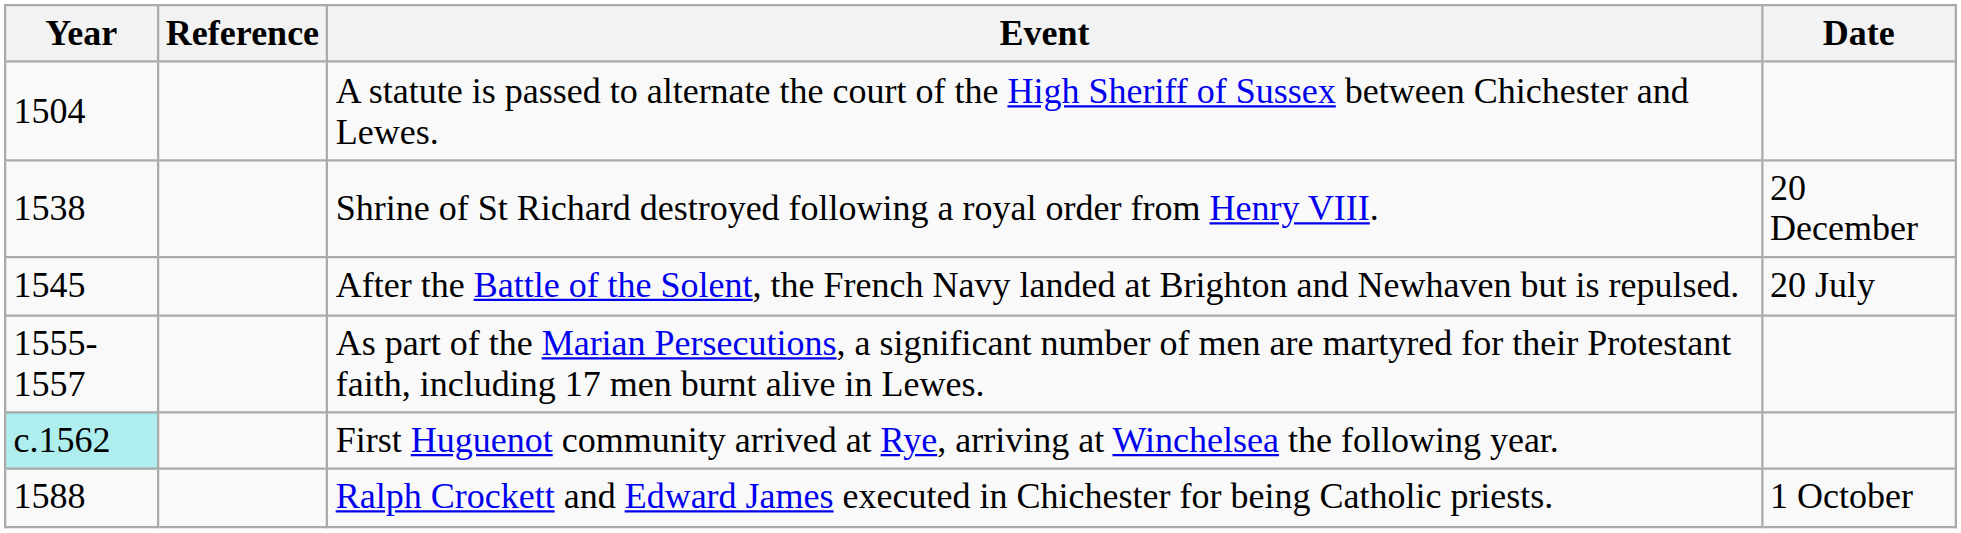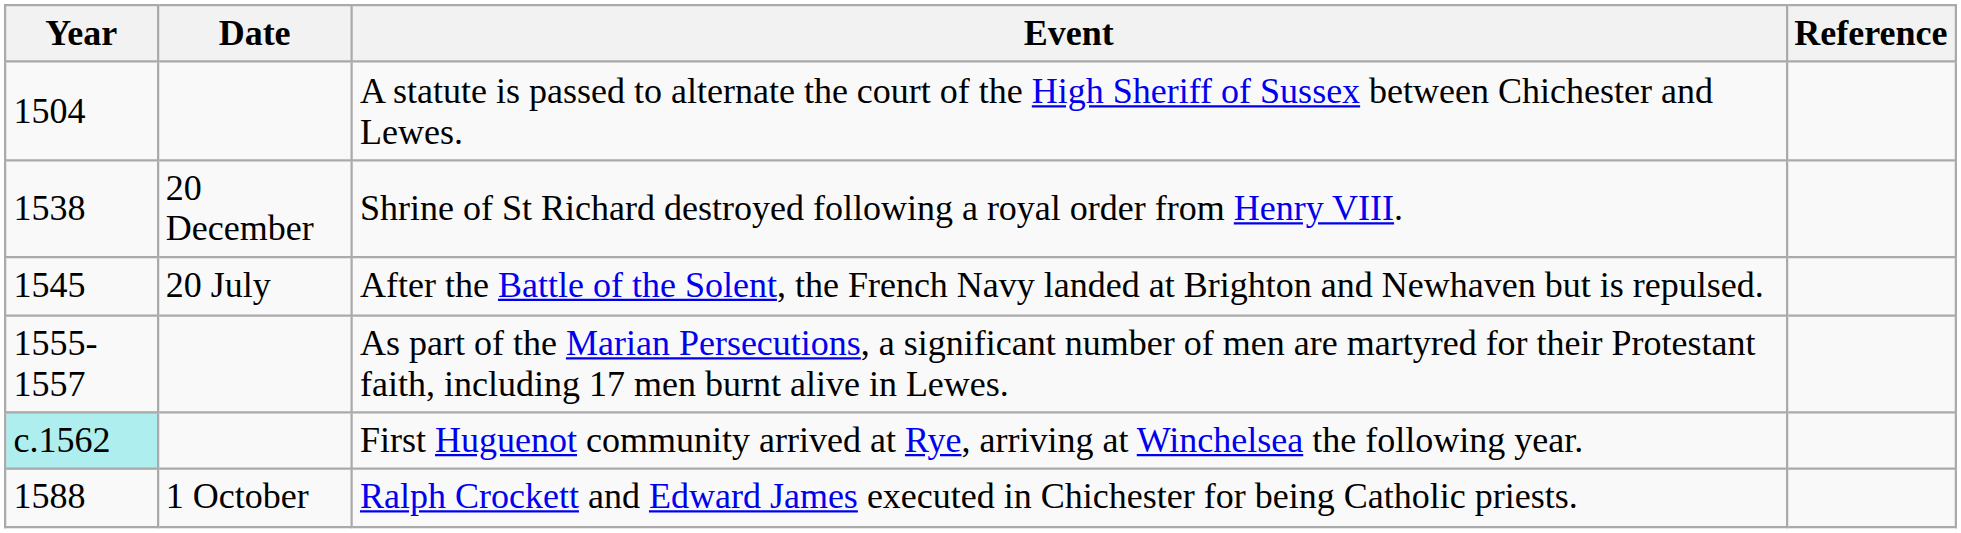 <table class="wikitable">
 <tr>
 <th TITTY>Year</th>
+<th TITTY>Date</th>
+<th>Event</th>
 <th>Reference</th>
-<th>Event</th>
-<th TITTY>Date</th>
 </tr>
 <tr>
 <td>1504</td>
 <td></td>
 <td>A statute is passed to alternate the court of the <a href='#'>High Sheriff of Sussex</a> between Chichester and Lewes.</td>
 <td></td>
 </tr>
 <tr>
 <td>1538</td>
+<td>20 December</td>
+<td>Shrine of St Richard destroyed following a royal order from <a href='#'>Henry VIII</a>.</td>
 <td></td>
-<td>Shrine of St Richard destroyed following a royal order from <a href='#'>Henry VIII</a>.</td>
-<td>20 December</td>
 </tr>
 <tr>
 <td>1545</td>
+<td>20 July</td>
+<td>After the <a href='#'>Battle of the Solent</a>, the French Navy landed at Brighton and Newhaven but is repulsed.</td>
 <td></td>
-<td>After the <a href='#'>Battle of the Solent</a>, the French Navy landed at Brighton and Newhaven but is repulsed.</td>
-<td>20 July</td>
 </tr>
 <tr>
 <td>1555-1557</td>
 <td></td>
 <td>As part of the <a href='#'>Marian Persecutions</a>, a significant number of men are martyred for their Protestant faith, including 17 men burnt alive in Lewes.</td>
 <td></td>
 </tr>
 <tr>
 <td style="background: paleturquoise;">c.1562</td>
 <td></td>
 <td>First <a href='#'>Huguenot</a> community arrived at <a href='#'>Rye</a>, arriving at <a href='#'>Winchelsea</a> the following year.</td>
 <td></td>
 </tr>
 <tr>
 <td>1588</td>
+<td>1 October</td>
+<td><a href='#'>Ralph Crockett</a> and <a href='#'>Edward James</a> executed in Chichester for being Catholic priests.</td>
 <td></td>
-<td><a href='#'>Ralph Crockett</a> and <a href='#'>Edward James</a> executed in Chichester for being Catholic priests.</td>
-<td>1 October</td>
 </tr>
 </table>
